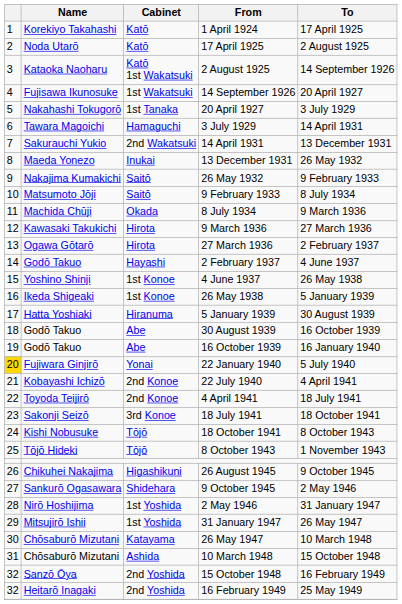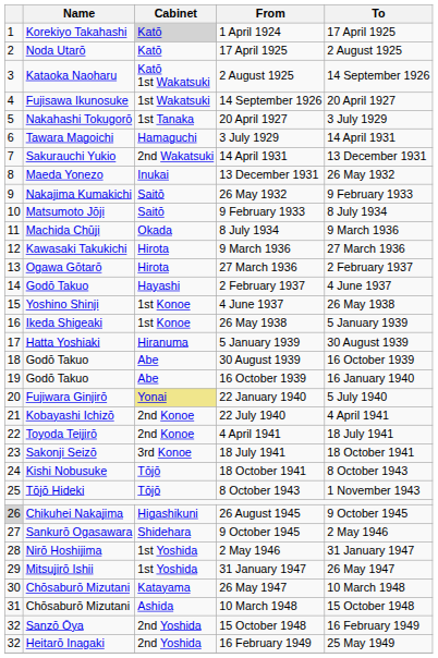 <table class=wikitable>
 <tr>
 <th></th>
 <th>Name</th>
 <th>Cabinet</th>
 <th>From</th>
 <th>To</th>
 </tr>
 <tr>
 <td>1</td>
 <td><a href='#'>Korekiyo Takahashi</a></td>
-<td><a href='#'>Katō</a></td>
+<td style="background: lightgrey;"><a href='#'>Katō</a></td>
 <td>1 April 1924</td>
 <td>17 April 1925</td>
 </tr>
 <tr>
 <td>2</td>
 <td><a href='#'>Noda Utarō</a></td>
 <td><a href='#'>Katō</a></td>
 <td>17 April 1925</td>
 <td>2 August 1925</td>
 </tr>
 <tr>
 <td>3</td>
 <td><a href='#'>Kataoka Naoharu</a></td>
 <td><a href='#'>Katō</a> <br> 1st <a href='#'>Wakatsuki</a></td>
 <td>2 August 1925</td>
 <td>14 September 1926</td>
 </tr>
 <tr>
 <td>4</td>
 <td><a href='#'>Fujisawa Ikunosuke</a></td>
 <td>1st <a href='#'>Wakatsuki</a></td>
 <td>14 September 1926</td>
 <td>20 April 1927</td>
 </tr>
 <tr>
 <td>5</td>
 <td><a href='#'>Nakahashi Tokugorō</a></td>
 <td>1st <a href='#'>Tanaka</a></td>
 <td>20 April 1927</td>
 <td>3 July 1929</td>
 </tr>
 <tr>
 <td>6</td>
 <td><a href='#'>Tawara Magoichi</a></td>
 <td><a href='#'>Hamaguchi</a></td>
 <td>3 July 1929</td>
 <td>14 April 1931</td>
 </tr>
 <tr>
 <td>7</td>
 <td><a href='#'>Sakurauchi Yukio</a></td>
 <td>2nd <a href='#'>Wakatsuki</a></td>
 <td>14 April 1931</td>
 <td>13 December 1931</td>
 </tr>
 <tr>
 <td>8</td>
 <td><a href='#'>Maeda Yonezo</a></td>
 <td><a href='#'>Inukai</a></td>
 <td>13 December 1931</td>
 <td>26 May 1932</td>
 </tr>
 <tr>
 <td>9</td>
 <td><a href='#'>Nakajima Kumakichi</a></td>
 <td><a href='#'>Saitō</a></td>
 <td>26 May 1932</td>
 <td>9 February 1933</td>
 </tr>
 <tr>
 <td>10</td>
 <td><a href='#'>Matsumoto Jōji</a></td>
 <td><a href='#'>Saitō</a></td>
 <td>9 February 1933</td>
 <td>8 July 1934</td>
 </tr>
 <tr>
 <td>11</td>
 <td><a href='#'>Machida Chūji</a></td>
 <td><a href='#'>Okada</a></td>
 <td>8 July 1934</td>
 <td>9 March 1936</td>
 </tr>
 <tr>
 <td>12</td>
 <td><a href='#'>Kawasaki Takukichi</a></td>
 <td><a href='#'>Hirota</a></td>
 <td>9 March 1936</td>
 <td>27 March 1936</td>
 </tr>
 <tr>
 <td>13</td>
 <td><a href='#'>Ogawa Gōtarō</a></td>
 <td><a href='#'>Hirota</a></td>
 <td>27 March 1936</td>
 <td>2 February 1937</td>
 </tr>
 <tr>
 <td>14</td>
 <td><a href='#'>Godō Takuo</a></td>
 <td><a href='#'>Hayashi</a></td>
 <td>2 February 1937</td>
 <td>4 June 1937</td>
 </tr>
 <tr>
 <td>15</td>
 <td><a href='#'>Yoshino Shinji</a></td>
 <td>1st <a href='#'>Konoe</a></td>
 <td>4 June 1937</td>
 <td>26 May 1938</td>
 </tr>
 <tr>
 <td>16</td>
 <td><a href='#'>Ikeda Shigeaki</a></td>
 <td>1st <a href='#'>Konoe</a></td>
 <td>26 May 1938</td>
 <td>5 January 1939</td>
 </tr>
 <tr>
 <td>17</td>
 <td><a href='#'>Hatta Yoshiaki</a></td>
 <td><a href='#'>Hiranuma</a></td>
 <td>5 January 1939</td>
 <td>30 August 1939</td>
 </tr>
 <tr>
 <td>18</td>
 <td>Godō Takuo</td>
 <td><a href='#'>Abe</a></td>
 <td>30 August 1939</td>
 <td>16 October 1939</td>
 </tr>
 <tr>
 <td>19</td>
 <td>Godō Takuo</td>
 <td><a href='#'>Abe</a></td>
 <td>16 October 1939</td>
 <td>16 January 1940</td>
 </tr>
 <tr>
-<td style="background: gold;">20</td>
+<td>20</td>
 <td><a href='#'>Fujiwara Ginjirō</a></td>
-<td><a href='#'>Yonai</a></td>
+<td style="background: khaki;"><a href='#'>Yonai</a></td>
 <td>22 January 1940</td>
 <td>5 July 1940</td>
 </tr>
 <tr>
 <td>21</td>
 <td><a href='#'>Kobayashi Ichizō</a></td>
 <td>2nd <a href='#'>Konoe</a></td>
 <td>22 July 1940</td>
 <td>4 April 1941</td>
 </tr>
 <tr>
 <td>22</td>
 <td><a href='#'>Toyoda Teijirō</a></td>
 <td>2nd <a href='#'>Konoe</a></td>
 <td>4 April 1941</td>
 <td>18 July 1941</td>
 </tr>
 <tr>
 <td>23</td>
 <td><a href='#'>Sakonji Seizō</a></td>
 <td>3rd <a href='#'>Konoe</a></td>
 <td>18 July 1941</td>
 <td>18 October 1941</td>
 </tr>
 <tr>
 <td>24</td>
 <td><a href='#'>Kishi Nobusuke</a></td>
 <td><a href='#'>Tōjō</a></td>
 <td>18 October 1941</td>
 <td>8 October 1943</td>
 </tr>
 <tr>
 <td>25</td>
 <td><a href='#'>Tōjō Hideki</a></td>
 <td><a href='#'>Tōjō</a></td>
 <td>8 October 1943</td>
 <td>1 November 1943</td>
 </tr>
 <tr>
 <td></td>
 </tr>
 <tr>
-<td>26</td>
+<td style="background: lightgrey;">26</td>
 <td><a href='#'>Chikuhei Nakajima</a></td>
 <td><a href='#'>Higashikuni</a></td>
 <td>26 August 1945</td>
 <td>9 October 1945</td>
 </tr>
 <tr>
 <td>27</td>
 <td><a href='#'>Sankurō Ogasawara</a></td>
 <td><a href='#'>Shidehara</a></td>
 <td>9 October 1945</td>
 <td>2 May 1946</td>
 </tr>
 <tr>
 <td>28</td>
 <td><a href='#'>Nirō Hoshijima</a></td>
 <td>1st <a href='#'>Yoshida</a></td>
 <td>2 May 1946</td>
 <td>31 January 1947</td>
 </tr>
 <tr>
 <td>29</td>
 <td><a href='#'>Mitsujirō Ishii</a></td>
 <td>1st <a href='#'>Yoshida</a></td>
 <td>31 January 1947</td>
 <td>26 May 1947</td>
 </tr>
 <tr>
 <td>30</td>
 <td><a href='#'>Chōsaburō Mizutani</a></td>
 <td><a href='#'>Katayama</a></td>
 <td>26 May 1947</td>
 <td>10 March 1948</td>
 </tr>
 <tr>
 <td>31</td>
 <td>Chōsaburō Mizutani</td>
 <td><a href='#'>Ashida</a></td>
 <td>10 March 1948</td>
 <td>15 October 1948</td>
 </tr>
 <tr>
 <td>32</td>
 <td><a href='#'>Sanzō Ōya</a></td>
 <td>2nd <a href='#'>Yoshida</a></td>
 <td>15 October 1948</td>
 <td>16 February 1949</td>
 </tr>
 <tr>
 <td>32</td>
 <td><a href='#'>Heitarō Inagaki</a></td>
 <td>2nd <a href='#'>Yoshida</a></td>
 <td>16 February 1949</td>
 <td>25 May 1949</td>
 </tr>
 <tr>
 </tr>
 </table>
